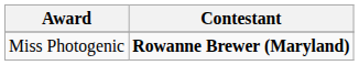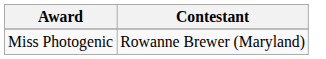 <table class="wikitable">
 <tr>
 <th>Award</th>
 <th>Contestant</th>
 </tr>
 <tr>
 </tr>
 <tr>
 <td>Miss Photogenic</td>
-<td><strong>Rowanne Brewer (Maryland)</strong></td>
+<td>Rowanne Brewer (Maryland)</td>
 </tr>
 </table>
